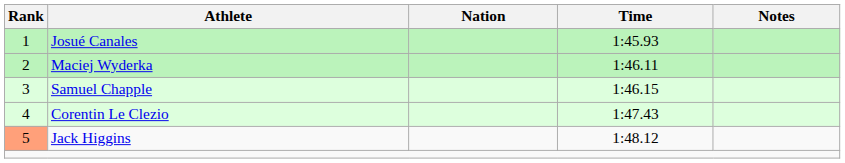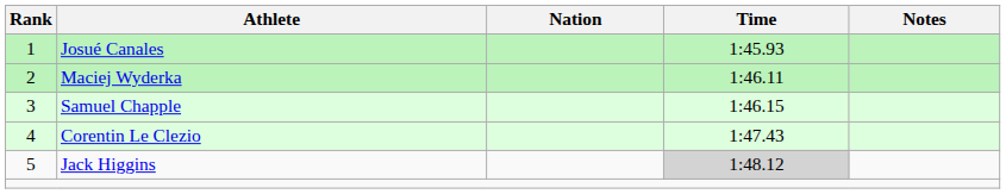 <table class="wikitable sortable" style="text-align:center;width: 55%;">
 <tr>
 <th scope="col" style="width: 10px;">Rank</th>
 <th scope="col">Athlete</th>
 <th scope="col">Nation</th>
 <th scope="col">Time</th>
 <th scope="col">Notes</th>
 </tr>
 <tr bgcolor=bbf3bb>
 <td>1</td>
 <td align=left><a href='#'>Josué Canales</a></td>
 <td align=left></td>
 <td>1:45.93</td>
 <td></td>
 </tr>
 <tr bgcolor=bbf3bb>
 <td>2</td>
 <td align=left><a href='#'>Maciej Wyderka</a></td>
 <td align=left></td>
 <td>1:46.11</td>
 <td></td>
 </tr>
 <tr bgcolor=ddffdd>
 <td>3</td>
 <td align=left><a href='#'>Samuel Chapple</a></td>
 <td align=left></td>
 <td>1:46.15</td>
 <td></td>
 </tr>
 <tr bgcolor=ddffdd>
 <td>4</td>
 <td align=left><a href='#'>Corentin Le Clezio</a></td>
 <td align=left></td>
 <td>1:47.43</td>
 <td></td>
 </tr>
 <tr>
-<td style="background: lightsalmon;">5</td>
+<td>5</td>
 <td align=left><a href='#'>Jack Higgins</a></td>
 <td align=left></td>
-<td>1:48.12</td>
+<td style="background: lightgrey;">1:48.12</td>
 <td></td>
 </tr>
 <tr class="sortbottom">
 <td colspan="5"></td>
 </tr>
 </table>
